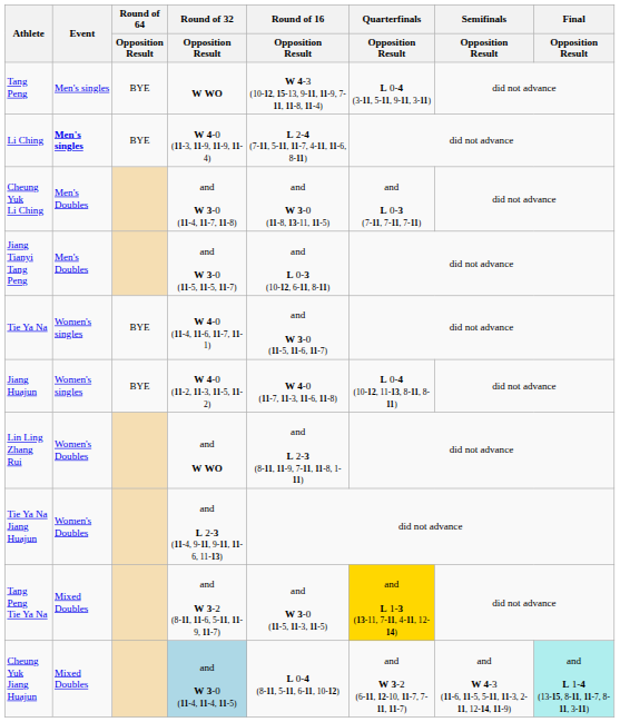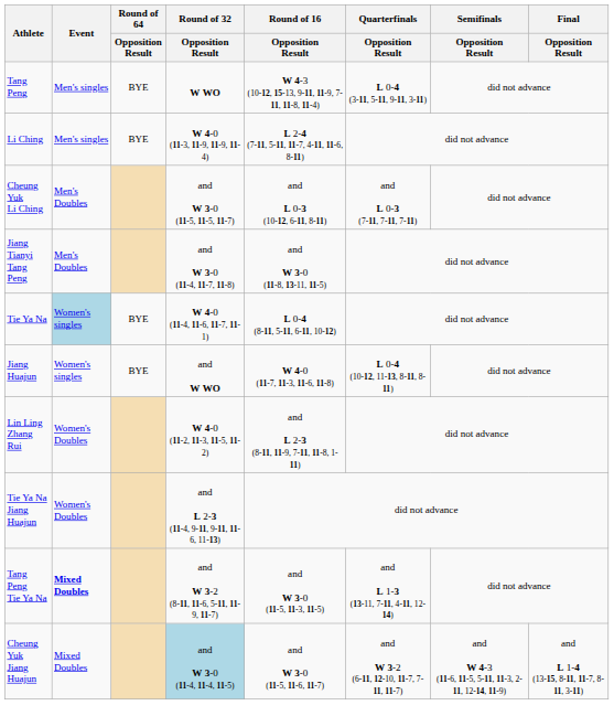 <table class="wikitable" border="1" style="font-size:90%">
 <tr>
 <th rowspan=2>Athlete</th>
 <th rowspan=2>Event</th>
 <th>Round of 64</th>
 <th>Round of 32</th>
 <th>Round of 16</th>
 <th>Quarterfinals</th>
 <th>Semifinals</th>
 <th>Final</th>
 </tr>
 <tr>
 <th>Opposition<br>Result</th>
 <th>Opposition<br>Result</th>
 <th>Opposition<br>Result</th>
 <th>Opposition<br>Result</th>
 <th>Opposition<br>Result</th>
 <th>Opposition<br>Result</th>
 </tr>
 <tr>
 <td><a href='#'>Tang Peng</a></td>
 <td><a href='#'>Men's singles</a></td>
 <td align=center>BYE</td>
 <td align=center><br><strong>W</strong> <strong>WO</strong></td>
 <td align=center><br><strong>W</strong> <strong>4</strong>-3<br><small>(10-<strong>12</strong>, <strong>15</strong>-13, 9-<strong>11</strong>, <strong>11</strong>-9, 7-<strong>11</strong>, <strong>11</strong>-8, <strong>11</strong>-4)</small></td>
 <td align=center><br><strong>L</strong> 0-<strong>4</strong><br><small>(3-<strong>11</strong>, 5-<strong>11</strong>, 9-<strong>11</strong>, 3-<strong>11</strong>)</small></td>
 <td align=center colspan="7">did not advance</td>
 </tr>
 <tr>
 <td><a href='#'>Li Ching</a></td>
-<td><strong><a href='#'>Men's singles</a></strong></td>
+<td><a href='#'>Men's singles</a></td>
 <td align=center>BYE</td>
 <td align=center><br><strong>W</strong> <strong>4</strong>-0<br><small>(<strong>11</strong>-3, <strong>11</strong>-9, <strong>11</strong>-9, <strong>11</strong>-4)</small></td>
 <td align=center><br><strong>L</strong> 2-<strong>4</strong><br><small>(7-<strong>11</strong>, 5-<strong>11</strong>, <strong>11</strong>-7, 4-<strong>11</strong>, <strong>11</strong>-6, 8-<strong>11</strong>)</small></td>
 <td align=center colspan="7">did not advance</td>
 </tr>
 <tr>
 <td><a href='#'>Cheung Yuk</a><br><a href='#'>Li Ching</a></td>
 <td><a href='#'>Men's Doubles</a></td>
 <td align=center bgcolor=wheat></td>
-<td align=center><br>and<br><br><strong>W</strong> <strong>3</strong>-0<br><small>(<strong>11</strong>-4, <strong>11</strong>-7, <strong>11</strong>-8)</small></td>
-<td align=center><br>and<br><br><strong>W</strong> <strong>3</strong>-0<br><small>(<strong>11</strong>-8, <strong>13</strong>-11, <strong>11</strong>-5)</small></td>
+<td align=center><br>and<br><br><strong>W</strong> <strong>3</strong>-0<br><small>(<strong>11</strong>-5, <strong>11</strong>-5, <strong>11</strong>-7)</small></td>
+<td align=center><br>and<br><br><strong>L</strong> 0-<strong>3</strong><br><small>(10-<strong>12</strong>, 6-<strong>11</strong>, 8-<strong>11</strong>)</small></td>
 <td align=center><br>and<br><br><strong>L</strong> 0-<strong>3</strong><br><small>(7-<strong>11</strong>, 7-<strong>11</strong>, 7-<strong>11</strong>)</small></td>
 <td align=center colspan="7">did not advance</td>
 </tr>
 <tr>
 <td><a href='#'>Jiang Tianyi</a><br><a href='#'>Tang Peng</a></td>
 <td><a href='#'>Men's Doubles</a></td>
 <td align=center bgcolor=wheat></td>
-<td align=center><br>and<br><br><strong>W</strong> <strong>3</strong>-0<br><small>(<strong>11</strong>-5, <strong>11</strong>-5, <strong>11</strong>-7)</small></td>
-<td align=center><br>and<br><br><strong>L</strong> 0-<strong>3</strong><br><small>(10-<strong>12</strong>, 6-<strong>11</strong>, 8-<strong>11</strong>)</small></td>
+<td align=center><br>and<br><br><strong>W</strong> <strong>3</strong>-0<br><small>(<strong>11</strong>-4, <strong>11</strong>-7, <strong>11</strong>-8)</small></td>
+<td align=center><br>and<br><br><strong>W</strong> <strong>3</strong>-0<br><small>(<strong>11</strong>-8, <strong>13</strong>-11, <strong>11</strong>-5)</small></td>
 <td align=center colspan="7">did not advance</td>
 </tr>
 <tr>
 <td><a href='#'>Tie Ya Na</a></td>
-<td><a href='#'>Women's singles</a></td>
+<td style="background: lightblue;"><a href='#'>Women's singles</a></td>
 <td align=center>BYE</td>
 <td align=center><br><strong>W</strong> <strong>4</strong>-0<br><small>(<strong>11</strong>-4, <strong>11</strong>-6, <strong>11</strong>-7, <strong>11</strong>-1)</small></td>
-<td align=center><br>and<br><br><strong>W</strong> <strong>3</strong>-0<br><small>(<strong>11</strong>-5, <strong>11</strong>-6, <strong>11</strong>-7)</small></td>
+<td align=center><br><strong>L</strong> 0-<strong>4</strong><br><small>(8-<strong>11</strong>, 5-<strong>11</strong>, 6-<strong>11</strong>, 10-<strong>12</strong>)</small></td>
 <td align=center colspan="7">did not advance</td>
 </tr>
 <tr>
 <td><a href='#'>Jiang Huajun</a></td>
 <td><a href='#'>Women's singles</a></td>
 <td align=center>BYE</td>
-<td align=center><br><strong>W</strong> <strong>4</strong>-0<br><small>(<strong>11</strong>-2, <strong>11</strong>-3, <strong>11</strong>-5, <strong>11</strong>-2)</small></td>
+<td align=center><br>and<br><br><strong>W</strong> <strong>WO</strong></td>
 <td align=center><br><strong>W</strong> <strong>4</strong>-0<br><small>(<strong>11</strong>-7, <strong>11</strong>-3, <strong>11</strong>-6, <strong>11</strong>-8)</small></td>
 <td align=center><br><strong>L</strong> 0-<strong>4</strong><br><small>(10-<strong>12</strong>, 11-<strong>13</strong>, 8-<strong>11</strong>, 8-<strong>11</strong>)</small></td>
 <td align=center colspan="7">did not advance</td>
 </tr>
 <tr>
 <td><a href='#'>Lin Ling</a><br><a href='#'>Zhang Rui</a></td>
 <td><a href='#'>Women's Doubles</a></td>
 <td align=center bgcolor=wheat></td>
-<td align=center><br>and<br><br><strong>W</strong> <strong>WO</strong></td>
+<td align=center><br><strong>W</strong> <strong>4</strong>-0<br><small>(<strong>11</strong>-2, <strong>11</strong>-3, <strong>11</strong>-5, <strong>11</strong>-2)</small></td>
 <td align=center><br>and<br><br><strong>L</strong> 2-<strong>3</strong><br><small>(8-<strong>11</strong>, <strong>11</strong>-9, 7-<strong>11</strong>, <strong>11</strong>-8, 1-<strong>11</strong>)</small></td>
 <td align=center colspan="7">did not advance</td>
 </tr>
 <tr>
 <td><a href='#'>Tie Ya Na</a><br><a href='#'>Jiang Huajun</a></td>
 <td><a href='#'>Women's Doubles</a></td>
 <td align=center bgcolor=wheat></td>
 <td align=center><br>and<br><br><strong>L</strong> 2-<strong>3</strong><br><small>(<strong>11</strong>-4, 9-<strong>11</strong>, 9-<strong>11</strong>, <strong>11</strong>-6, 11-<strong>13</strong>)</small></td>
 <td align=center colspan="7">did not advance</td>
 </tr>
 <tr>
 <td><a href='#'>Tang Peng</a><br><a href='#'>Tie Ya Na</a></td>
-<td><a href='#'>Mixed Doubles</a></td>
+<td><strong><a href='#'>Mixed Doubles</a></strong></td>
 <td align=center bgcolor=wheat></td>
 <td align=center><br>and<br><br><strong>W</strong> <strong>3</strong>-2<br><small>(8-<strong>11</strong>, <strong>11</strong>-6, 5-<strong>11</strong>, <strong>11</strong>-9, <strong>11</strong>-7)</small></td>
 <td align=center><br>and<br><br><strong>W</strong> <strong>3</strong>-0<br><small>(<strong>11</strong>-5, <strong>11</strong>-3, <strong>11</strong>-5)</small></td>
-<td align=center style="background: gold;"><br>and<br><br><strong>L</strong> 1-<strong>3</strong><br><small>(<strong>13</strong>-11, 7-<strong>11</strong>, 4-<strong>11</strong>, 12-<strong>14</strong>)</small></td>
+<td align=center><br>and<br><br><strong>L</strong> 1-<strong>3</strong><br><small>(<strong>13</strong>-11, 7-<strong>11</strong>, 4-<strong>11</strong>, 12-<strong>14</strong>)</small></td>
 <td align=center colspan="7">did not advance</td>
 </tr>
 <tr>
 <td><a href='#'>Cheung Yuk</a><br><a href='#'>Jiang Huajun</a></td>
 <td><a href='#'>Mixed Doubles</a></td>
 <td align=center bgcolor=wheat></td>
 <td align=center style="background: lightblue;"><br>and<br><br><strong>W</strong> <strong>3</strong>-0<br><small>(<strong>11</strong>-4, <strong>11</strong>-4, <strong>11</strong>-5)</small></td>
-<td align=center><br><strong>L</strong> 0-<strong>4</strong><br><small>(8-<strong>11</strong>, 5-<strong>11</strong>, 6-<strong>11</strong>, 10-<strong>12</strong>)</small></td>
+<td align=center><br>and<br><br><strong>W</strong> <strong>3</strong>-0<br><small>(<strong>11</strong>-5, <strong>11</strong>-6, <strong>11</strong>-7)</small></td>
 <td align=center><br>and<br><br><strong>W</strong> <strong>3</strong>-2<br><small>(6-<strong>11</strong>, <strong>12</strong>-10, <strong>11</strong>-7, 7-<strong>11</strong>, <strong>11</strong>-7)</small></td>
 <td align=center><br>and<br><br><strong>W</strong> <strong>4</strong>-3<br><small>(<strong>11</strong>-6, <strong>11</strong>-5, 5-<strong>11</strong>, <strong>11</strong>-3, 2-<strong>11</strong>, 12-<strong>14</strong>, <strong>11</strong>-9)</small></td>
-<td align=center style="background: paleturquoise;"><br>and<br><br><strong>L</strong> 1-<strong>4</strong><br><small>(13-<strong>15</strong>, 8-<strong>11</strong>, <strong>11</strong>-7, 8-<strong>11</strong>, 3-<strong>11</strong>)</small><br></td>
+<td align=center><br>and<br><br><strong>L</strong> 1-<strong>4</strong><br><small>(13-<strong>15</strong>, 8-<strong>11</strong>, <strong>11</strong>-7, 8-<strong>11</strong>, 3-<strong>11</strong>)</small><br></td>
 </tr>
 </table>
